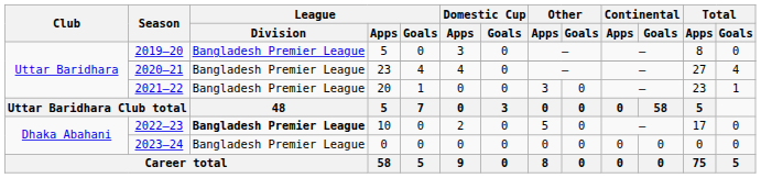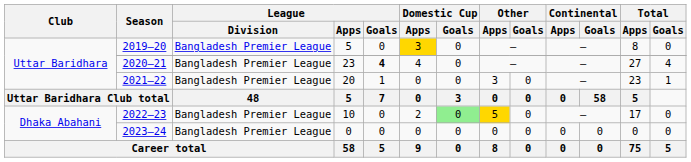 <table class="wikitable" style="text-align: center">
 <tr>
 <th rowspan="2">Club</th>
 <th rowspan="2">Season</th>
 <th colspan="3">League</th>
 <th colspan="2">Domestic Cup</th>
 <th colspan="2">Other</th>
 <th colspan="2">Continental</th>
 <th colspan="2">Total</th>
 </tr>
 <tr>
 <th>Division</th>
 <th>Apps</th>
 <th>Goals</th>
 <th>Apps</th>
 <th>Goals</th>
 <th>Apps</th>
 <th>Goals</th>
 <th>Apps</th>
 <th>Goals</th>
 <th>Apps</th>
 <th>Goals</th>
 </tr>
 <tr>
 <td rowspan="4"><a href='#'>Uttar Baridhara</a></td>
 <td><a href='#'>2019–20</a></td>
 <td><a href='#'>Bangladesh Premier League</a></td>
 <td>5</td>
 <td>0</td>
-<td>3</td>
+<td style="background: gold;">3</td>
 <td>0</td>
 <td colspan="2">—</td>
 <td colspan="2">—</td>
 <td>8</td>
 <td>0</td>
 </tr>
 <tr>
 </tr>
 <tr>
 <td><a href='#'>2020–21</a></td>
 <td>Bangladesh Premier League</td>
 <td>23</td>
-<td>4</td>
+<td><strong>4</strong></td>
 <td>4</td>
 <td>0</td>
 <td colspan="2">—</td>
 <td colspan="2">—</td>
 <td>27</td>
 <td>4</td>
 </tr>
 <tr>
 <td><a href='#'>2021–22</a></td>
 <td>Bangladesh Premier League</td>
 <td>20</td>
 <td>1</td>
 <td>0</td>
 <td>0</td>
 <td>3</td>
 <td>0</td>
 <td colspan="2">—</td>
 <td>23</td>
 <td>1</td>
 </tr>
 <tr>
 <th colspan="2"><strong>Uttar Baridhara Club total</strong></th>
 <th>48</th>
 <th>5</th>
 <th>7</th>
 <th>0</th>
 <th>3</th>
 <th>0</th>
 <th>0</th>
 <th>0</th>
 <th>58</th>
 <th>5</th>
 </tr>
 <tr>
 <td rowspan=2><a href='#'>Dhaka Abahani</a></td>
 <td><a href='#'>2022–23</a></td>
-<td><strong>Bangladesh Premier League</strong></td>
+<td>Bangladesh Premier League</td>
 <td>10</td>
 <td>0</td>
 <td>2</td>
-<td>0</td>
-<td>5</td>
+<td style="background: lightgreen;">0</td>
+<td style="background: gold;">5</td>
 <td>0</td>
 <td colspan="2">—</td>
 <td>17</td>
 <td>0</td>
 </tr>
 <tr>
 <td><a href='#'>2023–24</a></td>
 <td>Bangladesh Premier League</td>
 <td>0</td>
 <td>0</td>
 <td>0</td>
 <td>0</td>
 <td>0</td>
 <td>0</td>
 <td>0</td>
 <td>0</td>
 <td>0</td>
 <td>0</td>
 </tr>
 <tr>
 <th colspan="3"><strong>Career total</strong></th>
 <th>58</th>
 <th>5</th>
 <th>9</th>
 <th>0</th>
 <th>8</th>
 <th>0</th>
 <th>0</th>
 <th>0</th>
 <th>75</th>
 <th>5</th>
 </tr>
 </table>
